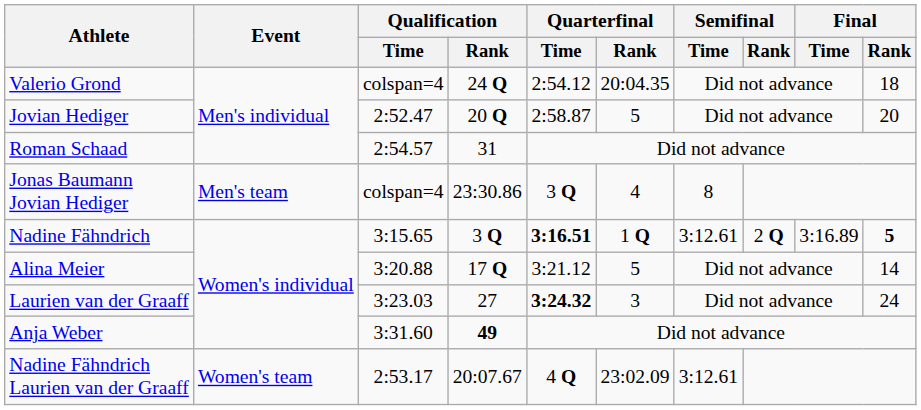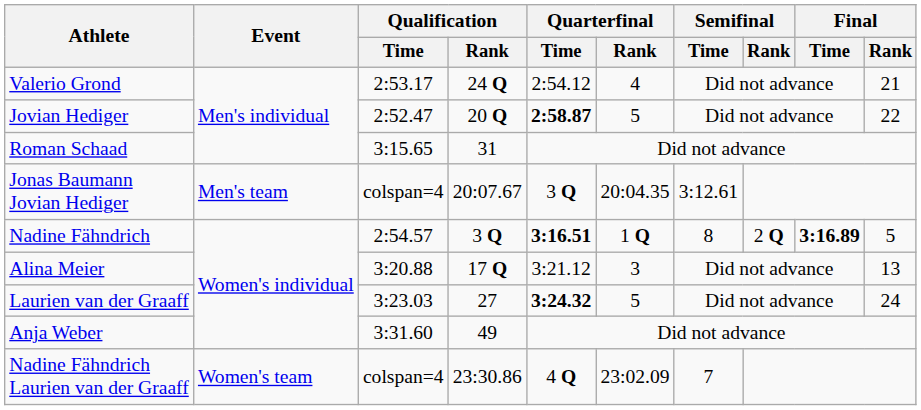 <table class=wikitable style=font-size:90%;text-align:center>
 <tr>
 <th rowspan=2>Athlete</th>
 <th rowspan=2>Event</th>
 <th colspan=2>Qualification</th>
 <th colspan=2>Quarterfinal</th>
 <th colspan=2>Semifinal</th>
 <th colspan=2>Final</th>
 </tr>
 <tr style=font-size:95%>
 <th>Time</th>
 <th>Rank</th>
 <th>Time</th>
 <th>Rank</th>
 <th>Time</th>
 <th>Rank</th>
 <th>Time</th>
 <th>Rank</th>
 </tr>
 <tr>
 <td align=left><a href='#'>Valerio Grond</a></td>
 <td align=left rowspan=3><a href='#'>Men's individual</a></td>
-<td>colspan=4 </td>
+<td>2:53.17</td>
 <td>24 <strong>Q</strong></td>
 <td>2:54.12</td>
-<td>20:04.35</td>
+<td>4</td>
 <td colspan=3>Did not advance</td>
-<td>18</td>
+<td>21</td>
 </tr>
 <tr>
 <td align=left><a href='#'>Jovian Hediger</a></td>
 <td>2:52.47</td>
 <td>20 <strong>Q</strong></td>
-<td>2:58.87</td>
+<td><strong>2:58.87</strong></td>
 <td>5</td>
 <td colspan=3>Did not advance</td>
-<td>20</td>
+<td>22</td>
 </tr>
 <tr>
 <td align=left><a href='#'>Roman Schaad</a></td>
-<td>2:54.57</td>
+<td>3:15.65</td>
 <td>31</td>
 <td colspan=6>Did not advance</td>
 </tr>
 <tr>
 <td align=left><a href='#'>Jonas Baumann</a><br><a href='#'>Jovian Hediger</a></td>
 <td align=left><a href='#'>Men's team</a></td>
 <td>colspan=4 </td>
-<td>23:30.86</td>
+<td>20:07.67</td>
 <td>3 <strong>Q</strong></td>
-<td>4</td>
-<td>8</td>
+<td>20:04.35</td>
+<td>3:12.61</td>
 </tr>
 <tr>
 <td align=left><a href='#'>Nadine Fähndrich</a></td>
 <td align=left rowspan=4><a href='#'>Women's individual</a></td>
-<td>3:15.65</td>
+<td>2:54.57</td>
 <td>3 <strong>Q</strong></td>
 <td><strong>3:16.51</strong></td>
 <td>1 <strong>Q</strong></td>
-<td>3:12.61</td>
+<td>8</td>
 <td>2 <strong>Q</strong></td>
-<td>3:16.89</td>
-<td><strong>5</strong></td>
+<td><strong>3:16.89</strong></td>
+<td>5</td>
 </tr>
 <tr>
 <td align=left><a href='#'>Alina Meier</a></td>
 <td>3:20.88</td>
 <td>17 <strong>Q</strong></td>
 <td>3:21.12</td>
-<td>5</td>
+<td>3</td>
 <td colspan=3>Did not advance</td>
-<td>14</td>
+<td>13</td>
 </tr>
 <tr>
 <td align=left><a href='#'>Laurien van der Graaff</a></td>
 <td>3:23.03</td>
 <td>27</td>
 <td><strong>3:24.32</strong></td>
-<td>3</td>
+<td>5</td>
 <td colspan=3>Did not advance</td>
 <td>24</td>
 </tr>
 <tr>
 <td align=left><a href='#'>Anja Weber</a></td>
 <td>3:31.60</td>
-<td><strong>49</strong></td>
+<td>49</td>
 <td colspan=6>Did not advance</td>
 </tr>
 <tr>
 <td align=left><a href='#'>Nadine Fähndrich</a><br><a href='#'>Laurien van der Graaff</a></td>
 <td align=left><a href='#'>Women's team</a></td>
-<td>2:53.17</td>
-<td>20:07.67</td>
+<td>colspan=4 </td>
+<td>23:30.86</td>
 <td>4 <strong>Q</strong></td>
 <td>23:02.09</td>
-<td>3:12.61</td>
+<td>7</td>
 </tr>
 </table>
